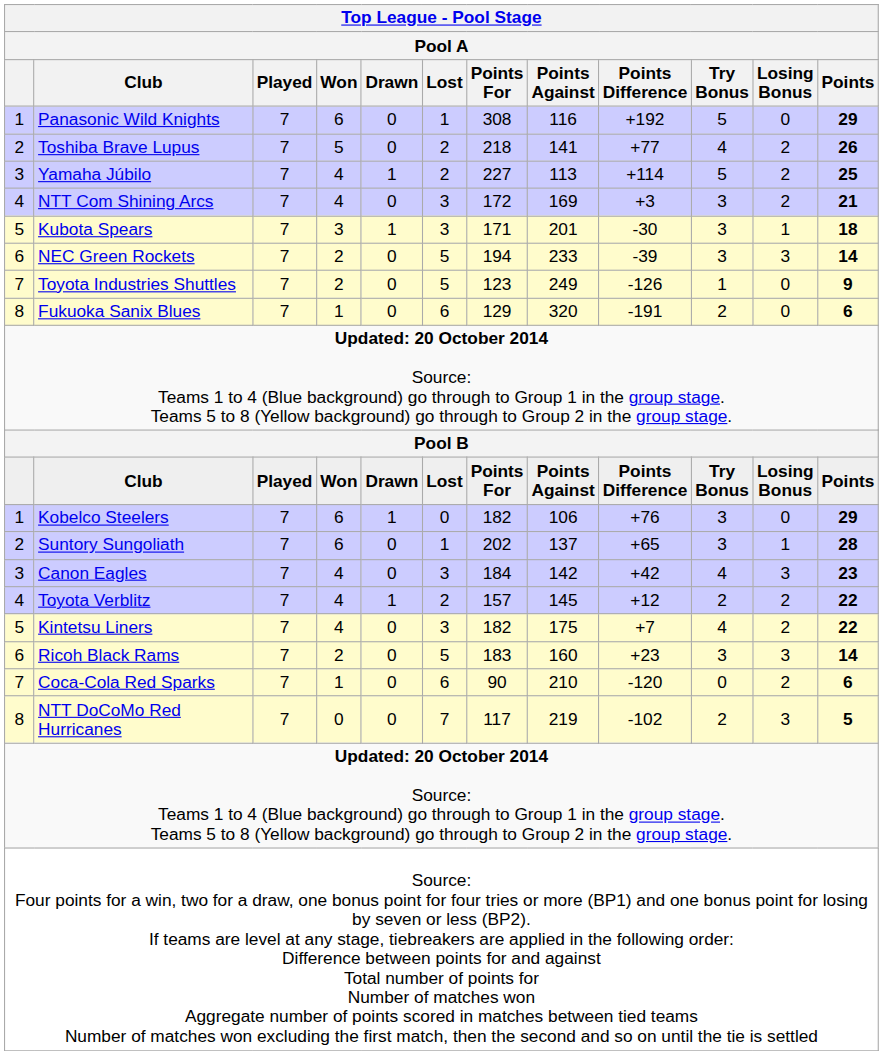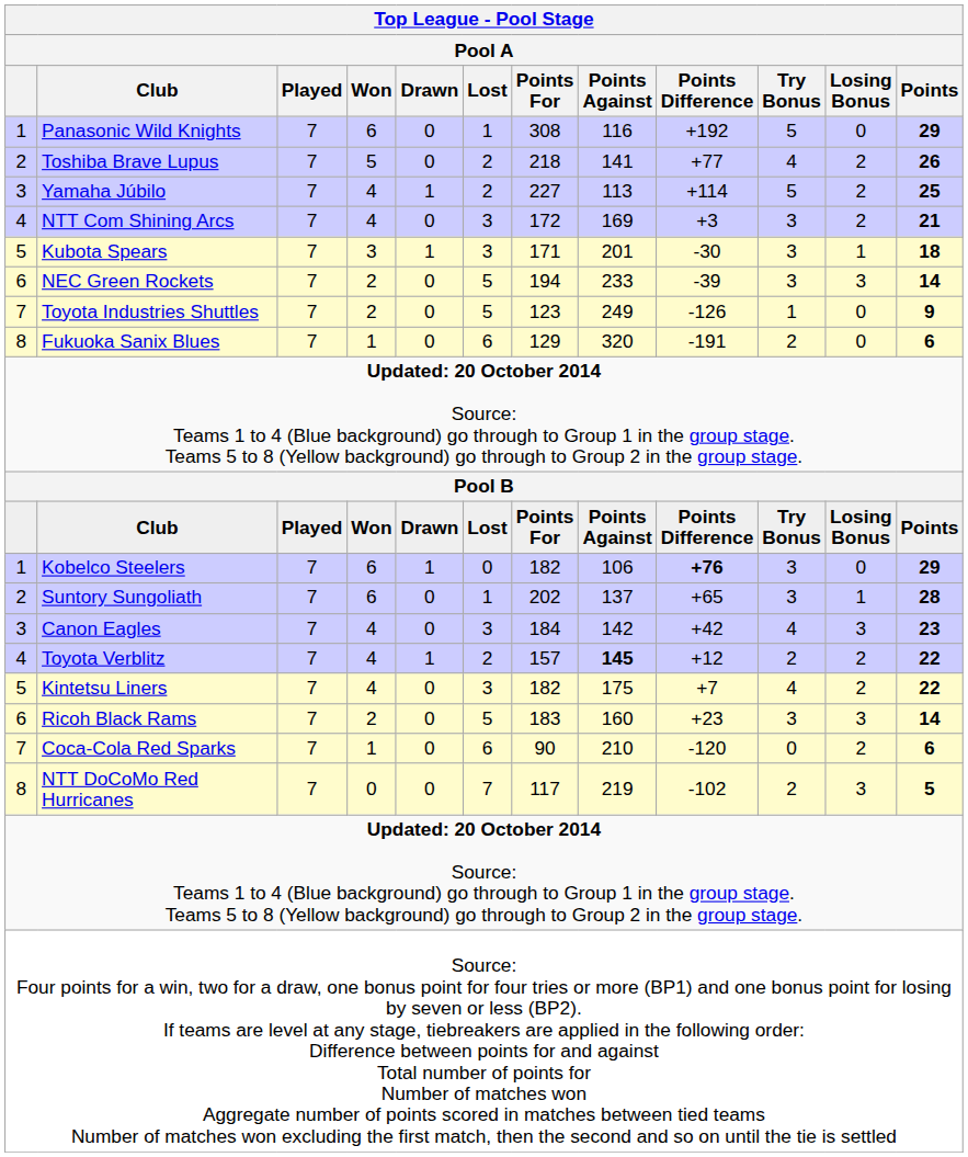 <table class="wikitable collapsible collapsed"  style="text-align: center;">
 <tr bgcolor="#f9f9f9">
 <th colspan="15" cellpadding="0" cellspacing="0"><strong><a href='#'>Top League - Pool Stage</a></strong></th>
 </tr>
 <tr bgcolor="#f3f3f3">
 <td colspan="15" cellpadding="0" cellspacing="0"><strong>Pool A</strong></td>
 </tr>
 <tr>
 <th bgcolor="#efefef" width="20"></th>
 <th bgcolor="#efefef" width="195">Club</th>
 <th bgcolor="#efefef" width="20">Played</th>
 <th bgcolor="#efefef" width="20">Won</th>
 <th bgcolor="#efefef" width="20">Drawn</th>
 <th bgcolor="#efefef" width="20">Lost</th>
 <th bgcolor="#efefef" width="20">Points For</th>
 <th bgcolor="#efefef" width="20">Points Against</th>
 <th bgcolor="#efefef" width="20">Points Difference</th>
 <th bgcolor="#efefef" width="20">Try Bonus</th>
 <th bgcolor="#efefef" width="20">Losing Bonus</th>
 <th bgcolor="#efefef" width="20">Points<br></th>
 </tr>
 <tr bgcolor=#ccccff align=center>
 <td>1</td>
 <td align=left><a href='#'>Panasonic Wild Knights</a></td>
 <td>7</td>
 <td>6</td>
 <td>0</td>
 <td>1</td>
 <td>308</td>
 <td>116</td>
 <td>+192</td>
 <td>5</td>
 <td>0</td>
 <td><strong>29</strong></td>
 </tr>
 <tr bgcolor=#ccccff align=center>
 <td>2</td>
 <td align=left><a href='#'>Toshiba Brave Lupus</a></td>
 <td>7</td>
 <td>5</td>
 <td>0</td>
 <td>2</td>
 <td>218</td>
 <td>141</td>
 <td>+77</td>
 <td>4</td>
 <td>2</td>
 <td><strong>26</strong></td>
 </tr>
 <tr bgcolor=#ccccff align=center>
 <td>3</td>
 <td align=left><a href='#'>Yamaha Júbilo</a></td>
 <td>7</td>
 <td>4</td>
 <td>1</td>
 <td>2</td>
 <td>227</td>
 <td>113</td>
 <td>+114</td>
 <td>5</td>
 <td>2</td>
 <td><strong>25</strong></td>
 </tr>
 <tr bgcolor=#ccccff align=center>
 <td>4</td>
 <td align=left><a href='#'>NTT Com Shining Arcs</a></td>
 <td>7</td>
 <td>4</td>
 <td>0</td>
 <td>3</td>
 <td>172</td>
 <td>169</td>
 <td>+3</td>
 <td>3</td>
 <td>2</td>
 <td><strong>21</strong></td>
 </tr>
 <tr bgcolor=#fffccc align=center>
 <td>5</td>
 <td align=left><a href='#'>Kubota Spears</a></td>
 <td>7</td>
 <td>3</td>
 <td>1</td>
 <td>3</td>
 <td>171</td>
 <td>201</td>
 <td>-30</td>
 <td>3</td>
 <td>1</td>
 <td><strong>18</strong></td>
 </tr>
 <tr bgcolor=#fffccc align=center>
 <td>6</td>
 <td align=left><a href='#'>NEC Green Rockets</a></td>
 <td>7</td>
 <td>2</td>
 <td>0</td>
 <td>5</td>
 <td>194</td>
 <td>233</td>
 <td>-39</td>
 <td>3</td>
 <td>3</td>
 <td><strong>14</strong></td>
 </tr>
 <tr bgcolor=#fffccc align=center>
 <td>7</td>
 <td align=left><a href='#'>Toyota Industries Shuttles</a></td>
 <td>7</td>
 <td>2</td>
 <td>0</td>
 <td>5</td>
 <td>123</td>
 <td>249</td>
 <td>-126</td>
 <td>1</td>
 <td>0</td>
 <td><strong>9</strong></td>
 </tr>
 <tr bgcolor=#fffccc align=center>
 <td>8</td>
 <td align=left><a href='#'>Fukuoka Sanix Blues</a></td>
 <td>7</td>
 <td>1</td>
 <td>0</td>
 <td>6</td>
 <td>129</td>
 <td>320</td>
 <td>-191</td>
 <td>2</td>
 <td>0</td>
 <td><strong>6</strong></td>
 </tr>
 <tr bgcolor="#f9f9f9" align=center>
 <td colspan="15" style="border:0px"><strong>Updated: 20 October 2014</strong> <br><br>Source: <br> Teams 1 to 4 <span>(Blue background)</span> go through to Group 1 in the <a href='#'>group stage</a>.<br> Teams 5 to 8 <span>(Yellow background)</span> go through to Group 2 in the <a href='#'>group stage</a>.</td>
 </tr>
 <tr |align=left|>
 </tr>
 <tr bgcolor="#f3f3f3">
 <td colspan="15" cellpadding="0" cellspacing="0"><strong>Pool B</strong></td>
 </tr>
 <tr style="font-weight: bold;">
 <td bgcolor="#efefef" width="20"></td>
 <td bgcolor="#efefef" width="195">Club</td>
 <td bgcolor="#efefef" width="20">Played</td>
 <td bgcolor="#efefef" width="20">Won</td>
 <td bgcolor="#efefef" width="20">Drawn</td>
 <td bgcolor="#efefef" width="20">Lost</td>
 <td bgcolor="#efefef" width="20">Points For</td>
 <td bgcolor="#efefef" width="20">Points Against</td>
 <td bgcolor="#efefef" width="20">Points Difference</td>
 <td bgcolor="#efefef" width="20">Try Bonus</td>
 <td bgcolor="#efefef" width="20">Losing Bonus</td>
 <td bgcolor="#efefef" width="20">Points<br></td>
 </tr>
 <tr bgcolor=#ccccff align=center>
 <td>1</td>
 <td align=left><a href='#'>Kobelco Steelers</a></td>
 <td>7</td>
 <td>6</td>
 <td>1</td>
 <td>0</td>
 <td>182</td>
 <td>106</td>
-<td>+76</td>
+<td><strong>+76</strong></td>
 <td>3</td>
 <td>0</td>
 <td><strong>29</strong></td>
 </tr>
 <tr bgcolor=#ccccff align=center>
 <td>2</td>
 <td align=left><a href='#'>Suntory Sungoliath</a></td>
 <td>7</td>
 <td>6</td>
 <td>0</td>
 <td>1</td>
 <td>202</td>
 <td>137</td>
 <td>+65</td>
 <td>3</td>
 <td>1</td>
 <td><strong>28</strong></td>
 </tr>
 <tr bgcolor=#ccccff align=center>
 <td>3</td>
 <td align=left><a href='#'>Canon Eagles</a></td>
 <td>7</td>
 <td>4</td>
 <td>0</td>
 <td>3</td>
 <td>184</td>
 <td>142</td>
 <td>+42</td>
 <td>4</td>
 <td>3</td>
 <td><strong>23</strong></td>
 </tr>
 <tr bgcolor=#ccccff align=center>
 <td>4</td>
 <td align=left><a href='#'>Toyota Verblitz</a></td>
 <td>7</td>
 <td>4</td>
 <td>1</td>
 <td>2</td>
 <td>157</td>
-<td>145</td>
+<td><strong>145</strong></td>
 <td>+12</td>
 <td>2</td>
 <td>2</td>
 <td><strong>22</strong></td>
 </tr>
 <tr bgcolor=#fffccc align=center>
 <td>5</td>
 <td align=left><a href='#'>Kintetsu Liners</a></td>
 <td>7</td>
 <td>4</td>
 <td>0</td>
 <td>3</td>
 <td>182</td>
 <td>175</td>
 <td>+7</td>
 <td>4</td>
 <td>2</td>
 <td><strong>22</strong></td>
 </tr>
 <tr bgcolor=#fffccc align=center>
 <td>6</td>
 <td align=left><a href='#'>Ricoh Black Rams</a></td>
 <td>7</td>
 <td>2</td>
 <td>0</td>
 <td>5</td>
 <td>183</td>
 <td>160</td>
 <td>+23</td>
 <td>3</td>
 <td>3</td>
 <td><strong>14</strong></td>
 </tr>
 <tr bgcolor=#fffccc align=center>
 <td>7</td>
 <td align=left><a href='#'>Coca-Cola Red Sparks</a></td>
 <td>7</td>
 <td>1</td>
 <td>0</td>
 <td>6</td>
 <td>90</td>
 <td>210</td>
 <td>-120</td>
 <td>0</td>
 <td>2</td>
 <td><strong>6</strong></td>
 </tr>
 <tr bgcolor=#fffccc align=center>
 <td>8</td>
 <td align=left><a href='#'>NTT DoCoMo Red Hurricanes</a></td>
 <td>7</td>
 <td>0</td>
 <td>0</td>
 <td>7</td>
 <td>117</td>
 <td>219</td>
 <td>-102</td>
 <td>2</td>
 <td>3</td>
 <td><strong>5</strong></td>
 </tr>
 <tr bgcolor="#f9f9f9" align=center>
 <td colspan="15" style="border:0px"><strong>Updated: 20 October 2014</strong> <br><br>Source: <br> Teams 1 to 4 <span>(Blue background)</span> go through to Group 1 in the <a href='#'>group stage</a>.<br> Teams 5 to 8 <span>(Yellow background)</span> go through to Group 2 in the <a href='#'>group stage</a>.</td>
 </tr>
 <tr bgcolor="#ffffff" align=center>
 <td colspan="15"><br>Source: <br>Four points for a win, two for a draw, one bonus point for four tries or more (BP1) and one bonus point for losing by seven or less (BP2).<br> If teams are level at any stage, tiebreakers are applied in the following order:<br>  Difference between points for and against<br>  Total number of points for<br>  Number of matches won<br>  Aggregate number of points scored in matches between tied teams<br>  Number of matches won excluding the first match, then the second and so on until the tie is settled<br></td>
 </tr>
 <tr |align=left|>
 </tr>
 </table>
